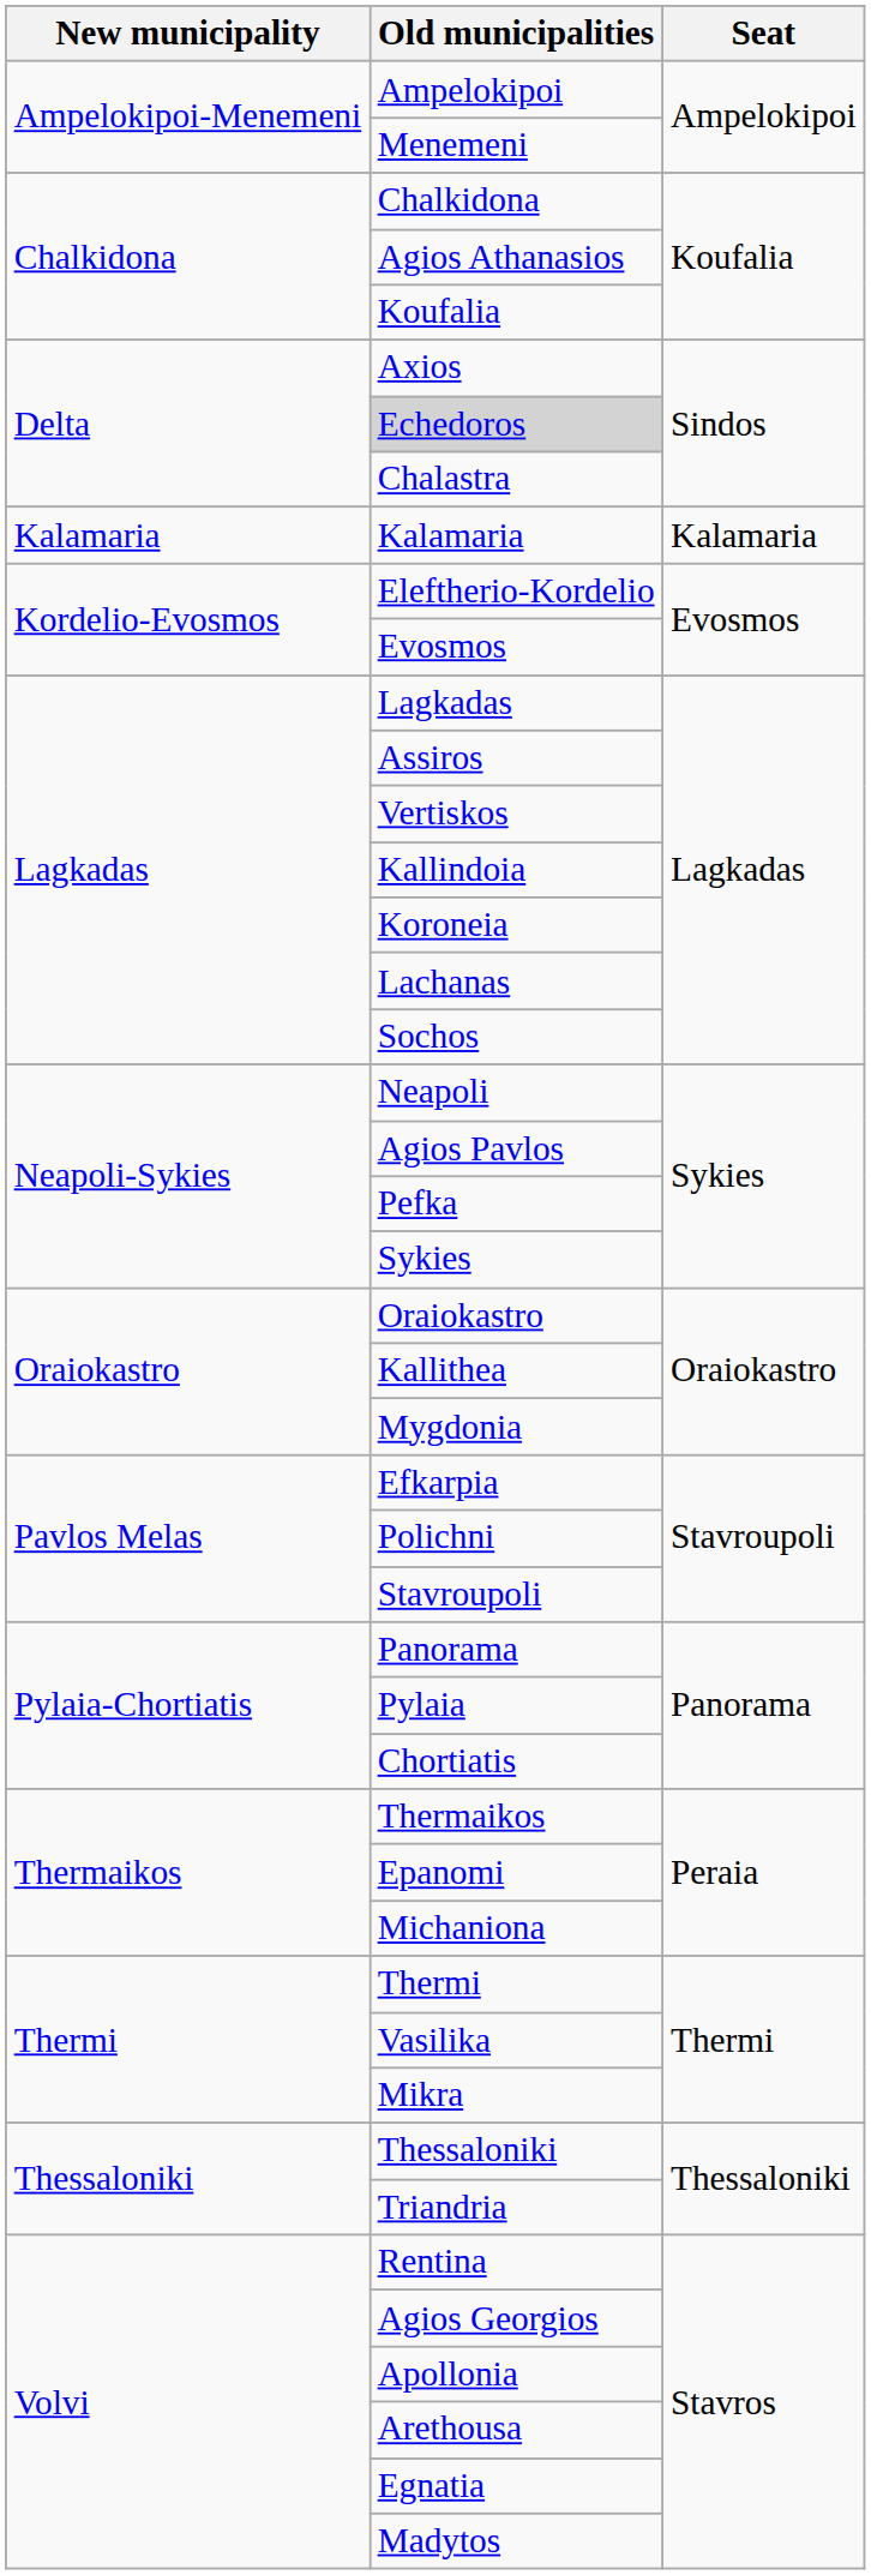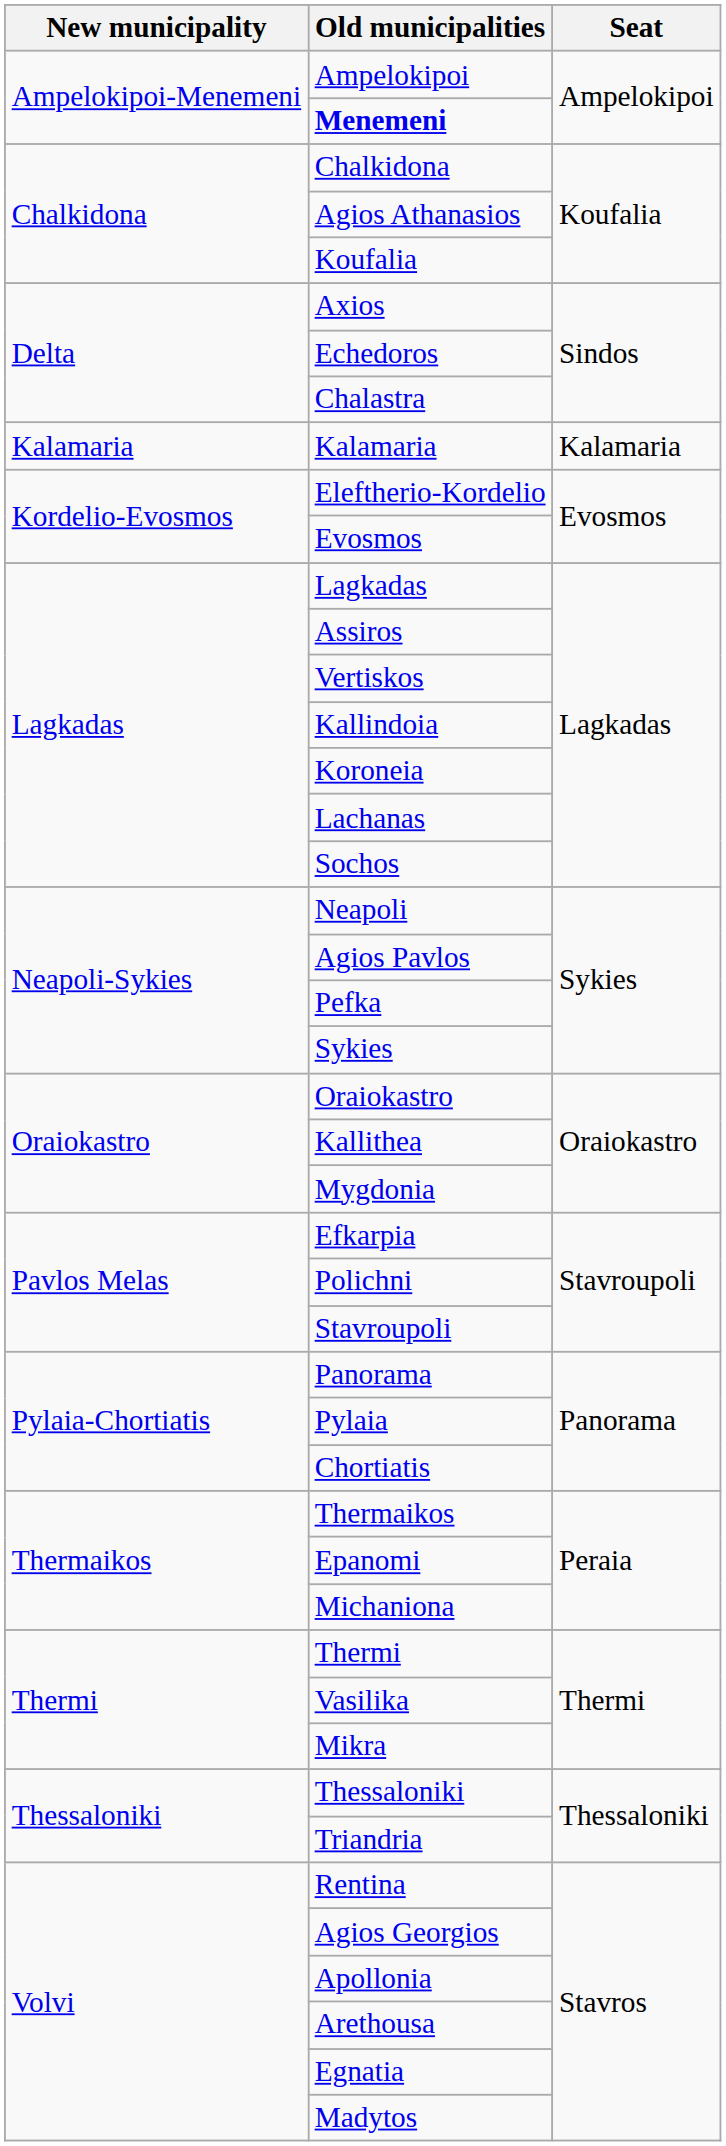 <table class="wikitable">
 <tr>
 <th>New municipality</th>
 <th>Old municipalities</th>
 <th>Seat</th>
 </tr>
 <tr>
 <td rowspan=2><a href='#'>Ampelokipoi-Menemeni</a></td>
 <td><a href='#'>Ampelokipoi</a></td>
 <td rowspan=2>Ampelokipoi</td>
 </tr>
 <tr>
-<td><a href='#'>Menemeni</a></td>
+<td><strong><a href='#'>Menemeni</a></strong></td>
 </tr>
 <tr>
 <td rowspan=3><a href='#'>Chalkidona</a></td>
 <td><a href='#'>Chalkidona</a></td>
 <td rowspan=3>Koufalia</td>
 </tr>
 <tr>
 <td><a href='#'>Agios Athanasios</a></td>
 </tr>
 <tr>
 <td><a href='#'>Koufalia</a></td>
 </tr>
 <tr>
 <td rowspan=3><a href='#'>Delta</a></td>
 <td><a href='#'>Axios</a></td>
 <td rowspan=3>Sindos</td>
 </tr>
 <tr>
-<td style="background: lightgrey;"><a href='#'>Echedoros</a></td>
+<td><a href='#'>Echedoros</a></td>
 </tr>
 <tr>
 <td><a href='#'>Chalastra</a></td>
 </tr>
 <tr>
 <td><a href='#'>Kalamaria</a></td>
 <td><a href='#'>Kalamaria</a></td>
 <td>Kalamaria</td>
 </tr>
 <tr>
 <td rowspan=2><a href='#'>Kordelio-Evosmos</a></td>
 <td><a href='#'>Eleftherio-Kordelio</a></td>
 <td rowspan=2>Evosmos</td>
 </tr>
 <tr>
 <td><a href='#'>Evosmos</a></td>
 </tr>
 <tr>
 <td rowspan=7><a href='#'>Lagkadas</a></td>
 <td><a href='#'>Lagkadas</a></td>
 <td rowspan=7>Lagkadas</td>
 </tr>
 <tr>
 <td><a href='#'>Assiros</a></td>
 </tr>
 <tr>
 <td><a href='#'>Vertiskos</a></td>
 </tr>
 <tr>
 <td><a href='#'>Kallindoia</a></td>
 </tr>
 <tr>
 <td><a href='#'>Koroneia</a></td>
 </tr>
 <tr>
 <td><a href='#'>Lachanas</a></td>
 </tr>
 <tr>
 <td><a href='#'>Sochos</a></td>
 </tr>
 <tr>
 <td rowspan=4><a href='#'>Neapoli-Sykies</a></td>
 <td><a href='#'>Neapoli</a></td>
 <td rowspan=4>Sykies</td>
 </tr>
 <tr>
 <td><a href='#'>Agios Pavlos</a></td>
 </tr>
 <tr>
 <td><a href='#'>Pefka</a></td>
 </tr>
 <tr>
 <td><a href='#'>Sykies</a></td>
 </tr>
 <tr>
 <td rowspan=3><a href='#'>Oraiokastro</a></td>
 <td><a href='#'>Oraiokastro</a></td>
 <td rowspan=3>Oraiokastro</td>
 </tr>
 <tr>
 <td><a href='#'>Kallithea</a></td>
 </tr>
 <tr>
 <td><a href='#'>Mygdonia</a></td>
 </tr>
 <tr>
 <td rowspan=3><a href='#'>Pavlos Melas</a></td>
 <td><a href='#'>Efkarpia</a></td>
 <td rowspan=3>Stavroupoli</td>
 </tr>
 <tr>
 <td><a href='#'>Polichni</a></td>
 </tr>
 <tr>
 <td><a href='#'>Stavroupoli</a></td>
 </tr>
 <tr>
 <td rowspan=3><a href='#'>Pylaia-Chortiatis</a></td>
 <td><a href='#'>Panorama</a></td>
 <td rowspan=3>Panorama</td>
 </tr>
 <tr>
 <td><a href='#'>Pylaia</a></td>
 </tr>
 <tr>
 <td><a href='#'>Chortiatis</a></td>
 </tr>
 <tr>
 <td rowspan=3><a href='#'>Thermaikos</a></td>
 <td><a href='#'>Thermaikos</a></td>
 <td rowspan=3>Peraia</td>
 </tr>
 <tr>
 <td><a href='#'>Epanomi</a></td>
 </tr>
 <tr>
 <td><a href='#'>Michaniona</a></td>
 </tr>
 <tr>
 <td rowspan=3><a href='#'>Thermi</a></td>
 <td><a href='#'>Thermi</a></td>
 <td rowspan=3>Thermi</td>
 </tr>
 <tr>
 <td><a href='#'>Vasilika</a></td>
 </tr>
 <tr>
 <td><a href='#'>Mikra</a></td>
 </tr>
 <tr>
 <td rowspan=2><a href='#'>Thessaloniki</a></td>
 <td><a href='#'>Thessaloniki</a></td>
 <td rowspan=2>Thessaloniki</td>
 </tr>
 <tr>
 <td><a href='#'>Triandria</a></td>
 </tr>
 <tr>
 <td rowspan=6><a href='#'>Volvi</a></td>
 <td><a href='#'>Rentina</a></td>
 <td rowspan=6>Stavros</td>
 </tr>
 <tr>
 <td><a href='#'>Agios Georgios</a></td>
 </tr>
 <tr>
 <td><a href='#'>Apollonia</a></td>
 </tr>
 <tr>
 <td><a href='#'>Arethousa</a></td>
 </tr>
 <tr>
 <td><a href='#'>Egnatia</a></td>
 </tr>
 <tr>
 <td><a href='#'>Madytos</a></td>
 </tr>
 </table>
